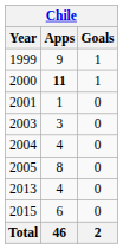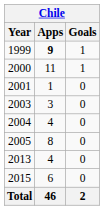 <table class="wikitable" style="text-align:center">
 <tr>
 <th colspan=3><a href='#'>Chile</a></th>
 </tr>
 <tr>
 <th>Year</th>
 <th>Apps</th>
 <th>Goals</th>
 </tr>
 <tr>
 <td>1999</td>
-<td>9</td>
+<td><strong>9</strong></td>
 <td>1</td>
 </tr>
 <tr>
 <td>2000</td>
-<td><strong>11</strong></td>
+<td>11</td>
 <td>1</td>
 </tr>
 <tr>
 <td>2001</td>
 <td>1</td>
 <td>0</td>
 </tr>
 <tr>
 <td>2003</td>
 <td>3</td>
 <td>0</td>
 </tr>
 <tr>
 <td>2004</td>
 <td>4</td>
 <td>0</td>
 </tr>
 <tr>
 <td>2005</td>
 <td>8</td>
 <td>0</td>
 </tr>
 <tr>
 <td>2013</td>
 <td>4</td>
 <td>0</td>
 </tr>
 <tr>
 <td>2015</td>
 <td>6</td>
 <td>0</td>
 </tr>
 <tr>
 <th>Total</th>
 <th>46</th>
 <th>2</th>
 </tr>
 </table>
